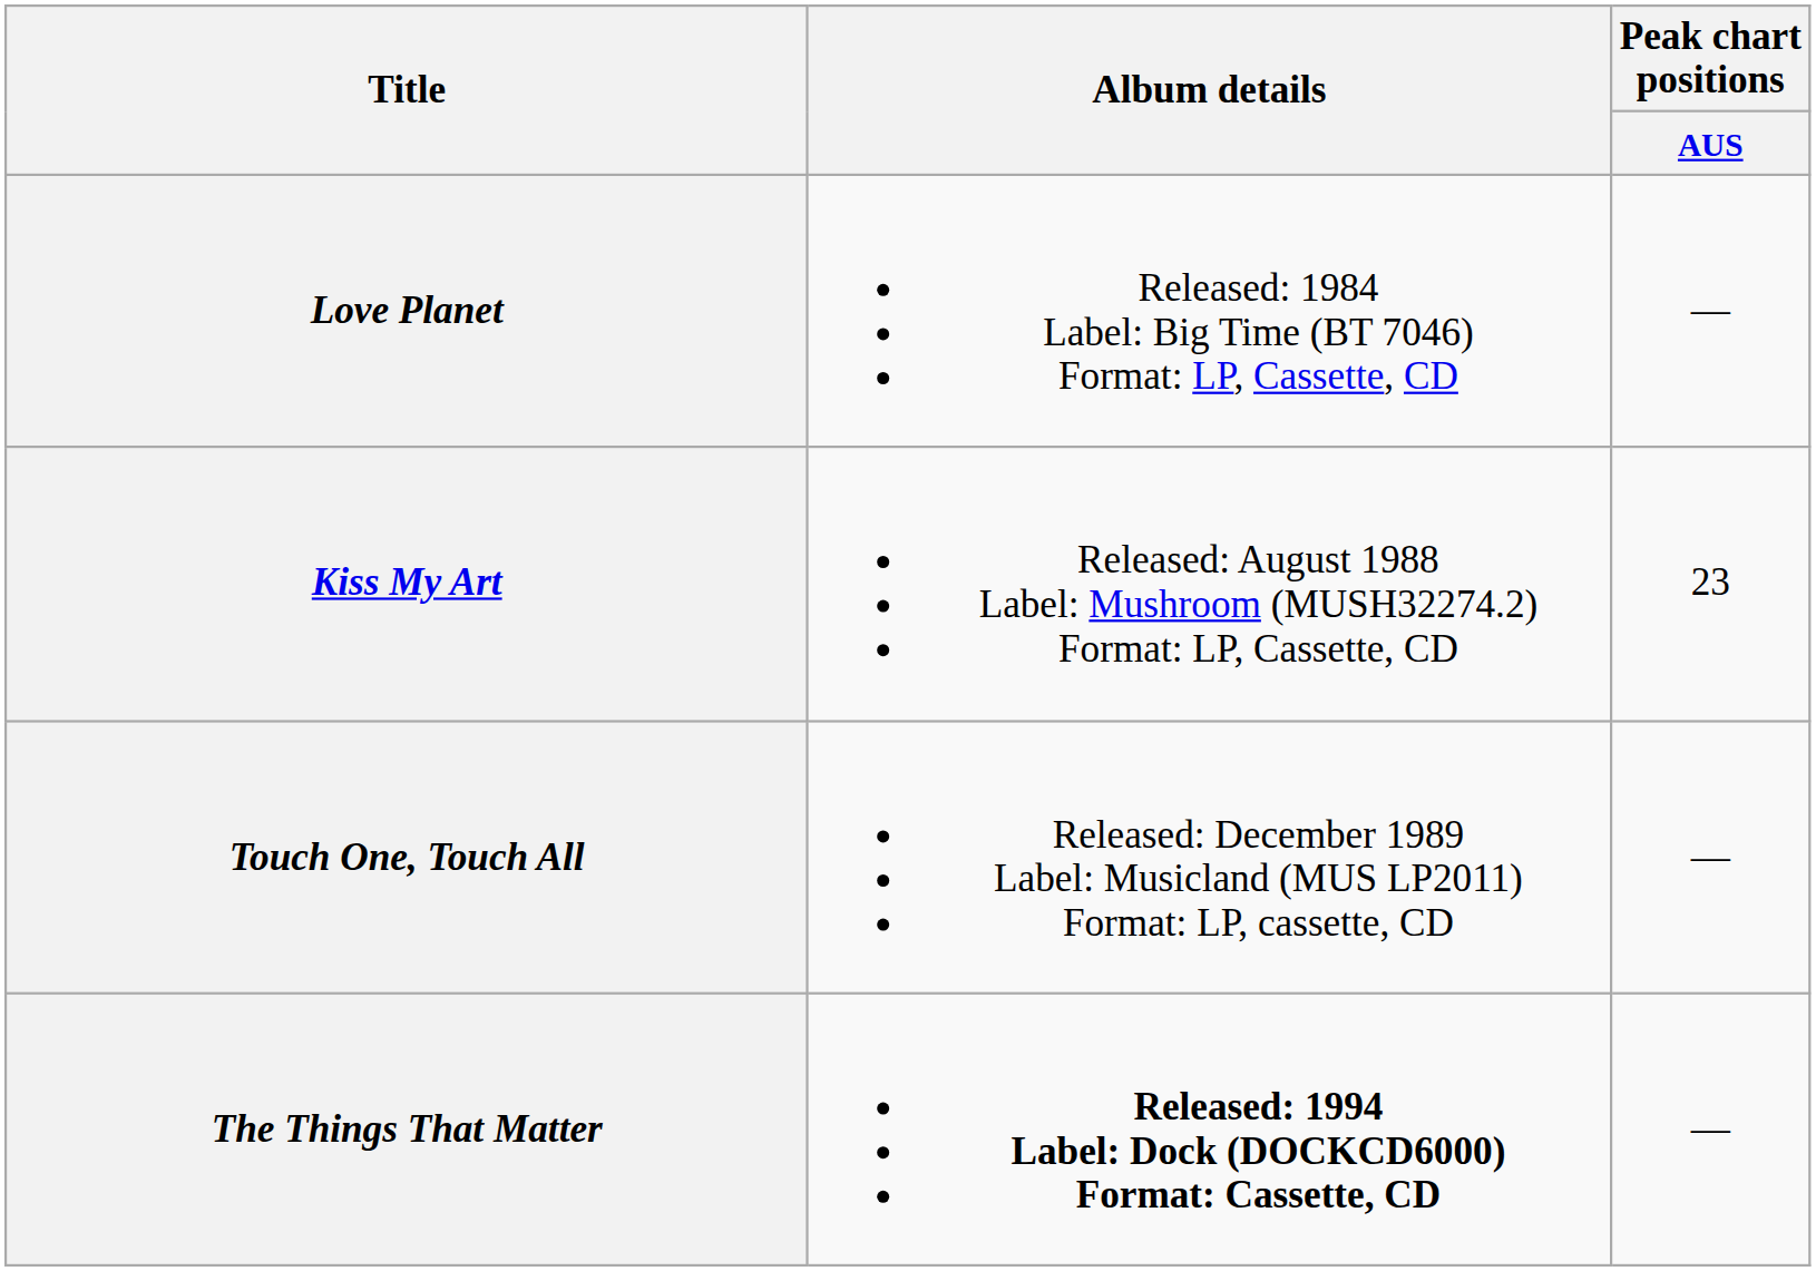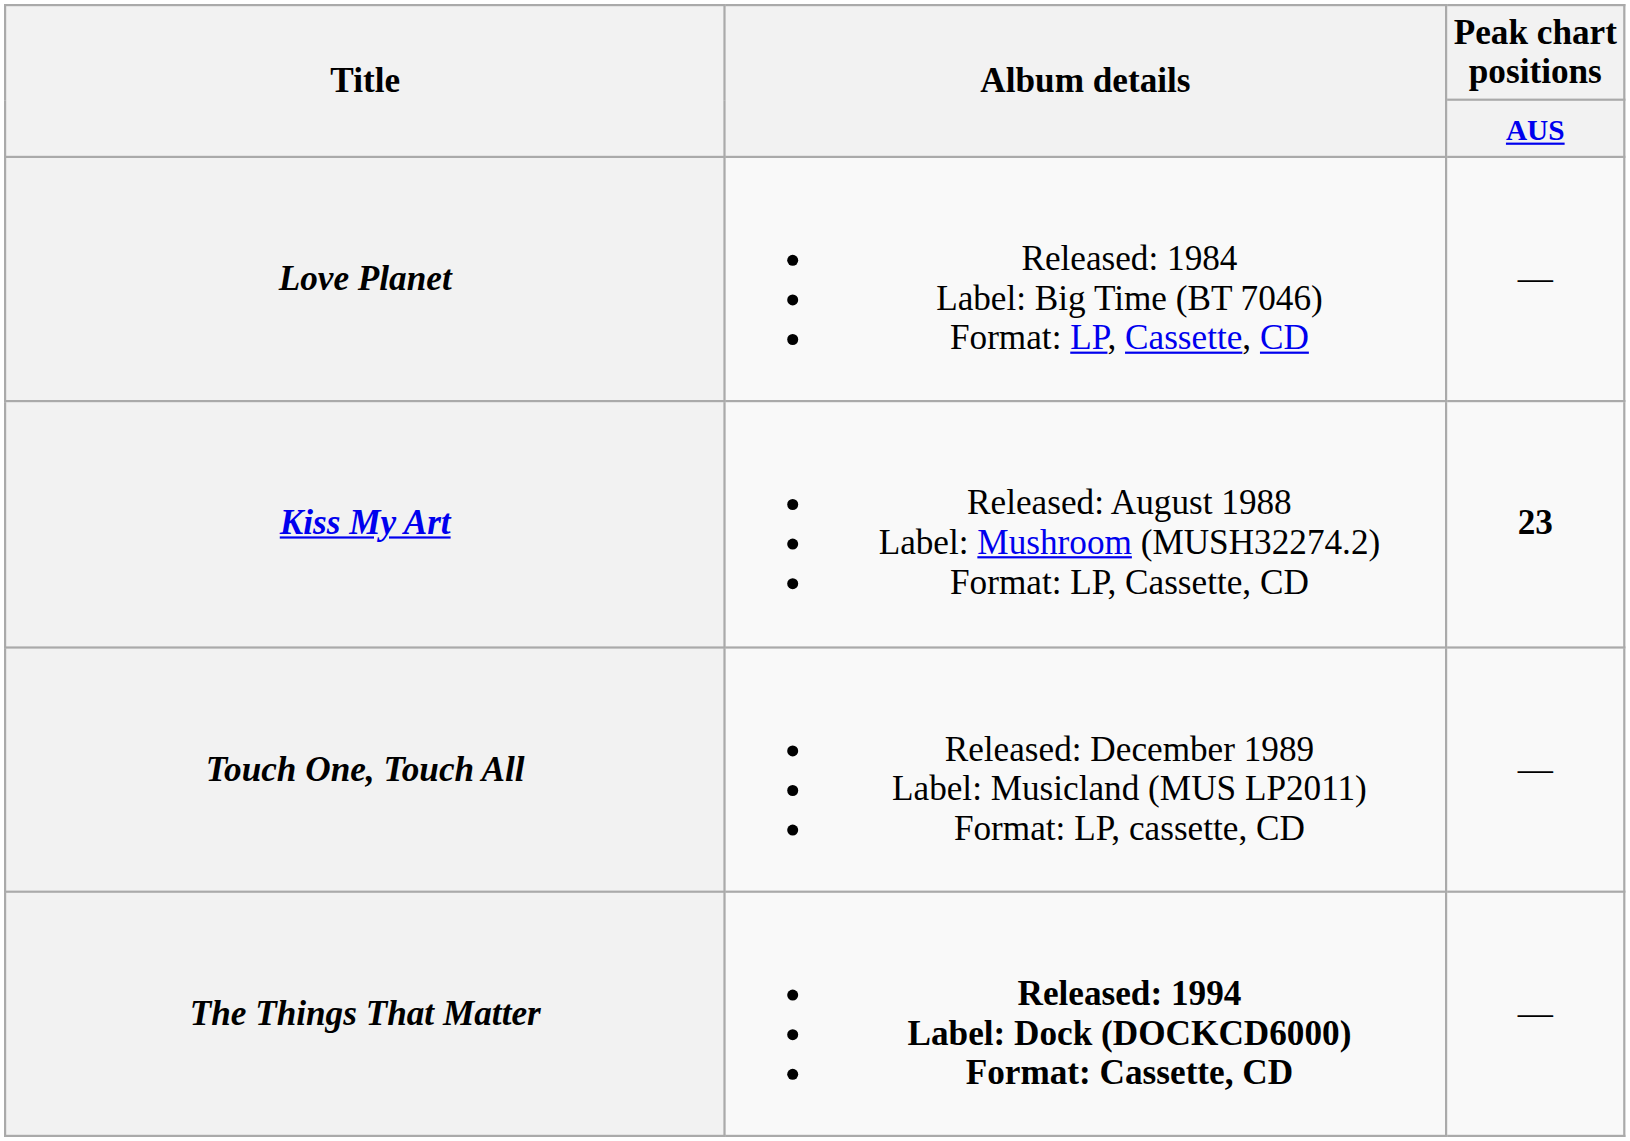 <table class="wikitable plainrowheaders" style="text-align:center;" border="1">
 <tr>
 <th scope="col" rowspan="2" style="width:20em;">Title</th>
 <th scope="col" rowspan="2" style="width:20em;">Album details</th>
 <th scope="col" colspan="1">Peak chart<br>positions</th>
 </tr>
 <tr>
 <th scope="col" style="text-align:center;"><small><a href='#'>AUS</a></small><br></th>
 </tr>
 <tr>
 <th scope="row"><em>Love Planet</em></th>
 <td><br><ul><li>Released: 1984</li><li>Label: Big Time (BT 7046)</li><li>Format: <a href='#'>LP</a>, <a href='#'>Cassette</a>, <a href='#'>CD</a></li></ul></td>
 <td>—</td>
 </tr>
 <tr>
 <th scope="row"><em><a href='#'>Kiss My Art</a></em></th>
 <td><br><ul><li>Released: August 1988</li><li>Label: <a href='#'>Mushroom</a> (MUSH32274.2)</li><li>Format: LP, Cassette, CD</li></ul></td>
-<td>23</td>
+<td><strong>23</strong></td>
 </tr>
 <tr>
 <th scope="row"><em>Touch One, Touch All</em></th>
 <td><br><ul><li>Released: December 1989</li><li>Label: Musicland (MUS LP2011)</li><li>Format: LP, cassette, CD</li></ul></td>
 <td>—</td>
 </tr>
 <tr>
 <th scope="row"><em>The Things That Matter</em></th>
 <td><strong><br><ul><li>Released: 1994</li><li>Label: Dock (DOCKCD6000)</li><li>Format: Cassette, CD</li></ul></strong></td>
 <td>—</td>
 </tr>
 </table>
